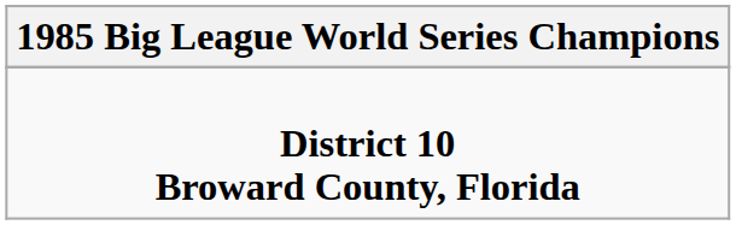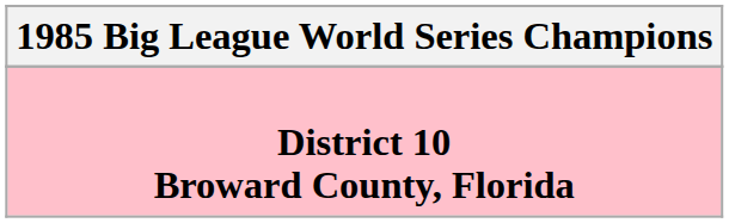 <table class="wikitable" style="text-align: center; margin: 0 auto;">
 <tr>
 <th>1985 Big League World Series Champions</th>
 </tr>
 <tr>
 </tr>
 <tr>
-<td><br><strong>District 10</strong><br> <strong>Broward County, Florida</strong></td>
+<td style="background: pink;"><br><strong>District 10</strong><br> <strong>Broward County, Florida</strong></td>
 </tr>
 </table>
